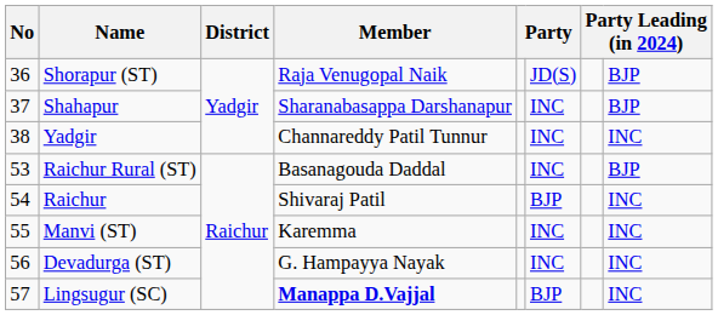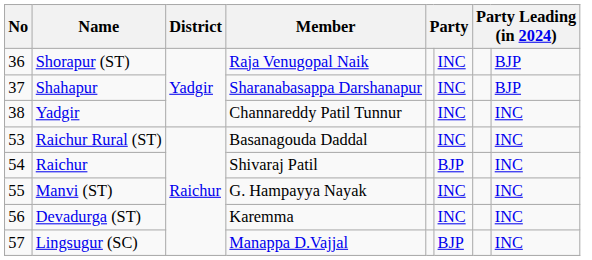 <table class="wikitable">
 <tr>
 <th>No</th>
 <th>Name</th>
 <th>District</th>
 <th>Member</th>
 <th colspan="2">Party</th>
 <th colspan="2">Party Leading<br>(in <a href='#'>2024</a>)</th>
 </tr>
 <tr>
 <td>36</td>
 <td><a href='#'>Shorapur</a> (ST)</td>
 <td rowspan="3"><a href='#'>Yadgir</a></td>
 <td><a href='#'>Raja Venugopal Naik</a></td>
 <td style="background-color: "></td>
-<td><a href='#'>JD(S)</a></td>
+<td><a href='#'>INC</a></td>
 <td style="background-color: "></td>
 <td><a href='#'>BJP</a></td>
 </tr>
 <tr>
 <td>37</td>
 <td><a href='#'>Shahapur</a></td>
 <td><a href='#'>Sharanabasappa Darshanapur</a></td>
 <td style=background-color:></td>
 <td><a href='#'>INC</a></td>
 <td style="background-color: "></td>
 <td><a href='#'>BJP</a></td>
 </tr>
 <tr>
 <td>38</td>
 <td><a href='#'>Yadgir</a></td>
 <td>Channareddy Patil Tunnur</td>
 <td style=background-color:></td>
 <td><a href='#'>INC</a></td>
 <td style="background-color: "></td>
 <td><a href='#'>INC</a></td>
 </tr>
 <tr>
 <td>53</td>
 <td><a href='#'>Raichur Rural</a> (ST)</td>
 <td rowspan="5"><a href='#'>Raichur</a></td>
 <td>Basanagouda Daddal</td>
 <td style=background-color:></td>
 <td><a href='#'>INC</a></td>
 <td style="background-color: "></td>
-<td><a href='#'>BJP</a></td>
+<td><a href='#'>INC</a></td>
 </tr>
 <tr>
 <td>54</td>
 <td><a href='#'>Raichur</a></td>
 <td>Shivaraj Patil</td>
 <td style=background-color:></td>
 <td><a href='#'>BJP</a></td>
 <td style="background-color: "></td>
 <td><a href='#'>INC</a></td>
 </tr>
 <tr>
 <td>55</td>
 <td><a href='#'>Manvi</a> (ST)</td>
-<td>Karemma</td>
+<td>G. Hampayya Nayak</td>
 <td style=background-color:></td>
 <td><a href='#'>INC</a></td>
 <td style="background-color: "></td>
 <td><a href='#'>INC</a></td>
 </tr>
 <tr>
 <td>56</td>
 <td><a href='#'>Devadurga</a> (ST)</td>
-<td>G. Hampayya Nayak</td>
+<td>Karemma</td>
 <td style=background-color:></td>
 <td><a href='#'>INC</a></td>
 <td style="background-color: "></td>
 <td><a href='#'>INC</a></td>
 </tr>
 <tr>
 <td>57</td>
 <td><a href='#'>Lingsugur</a> (SC)</td>
-<td><strong><a href='#'>Manappa D.Vajjal</a></strong></td>
+<td><a href='#'>Manappa D.Vajjal</a></td>
 <td style=background-color:></td>
 <td><a href='#'>BJP</a></td>
 <td style="background-color: "></td>
 <td><a href='#'>INC</a></td>
 </tr>
 </table>
